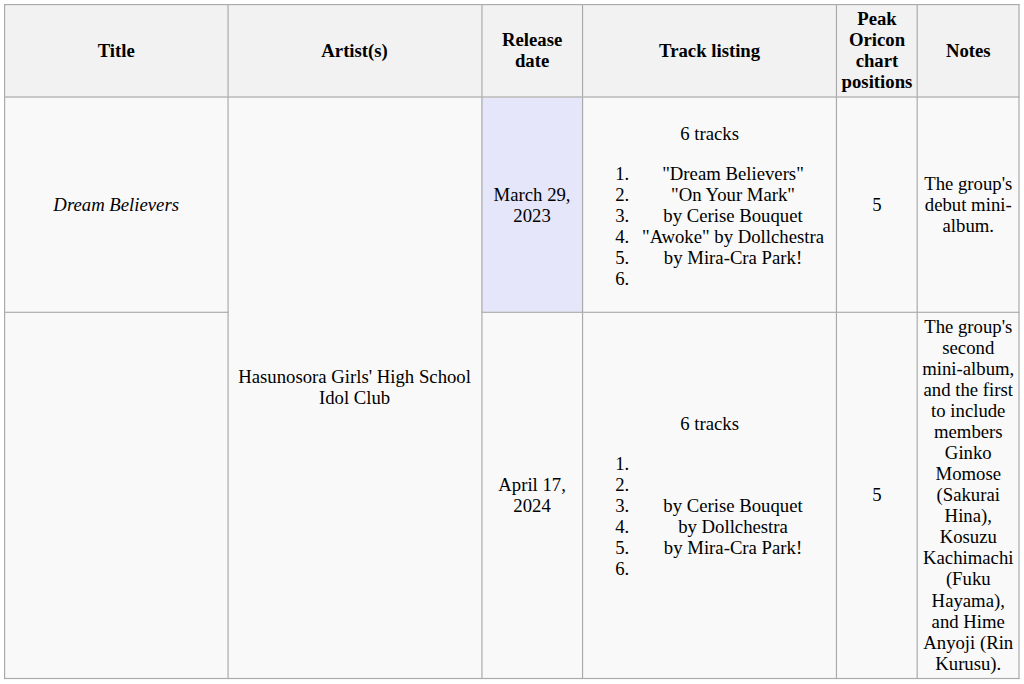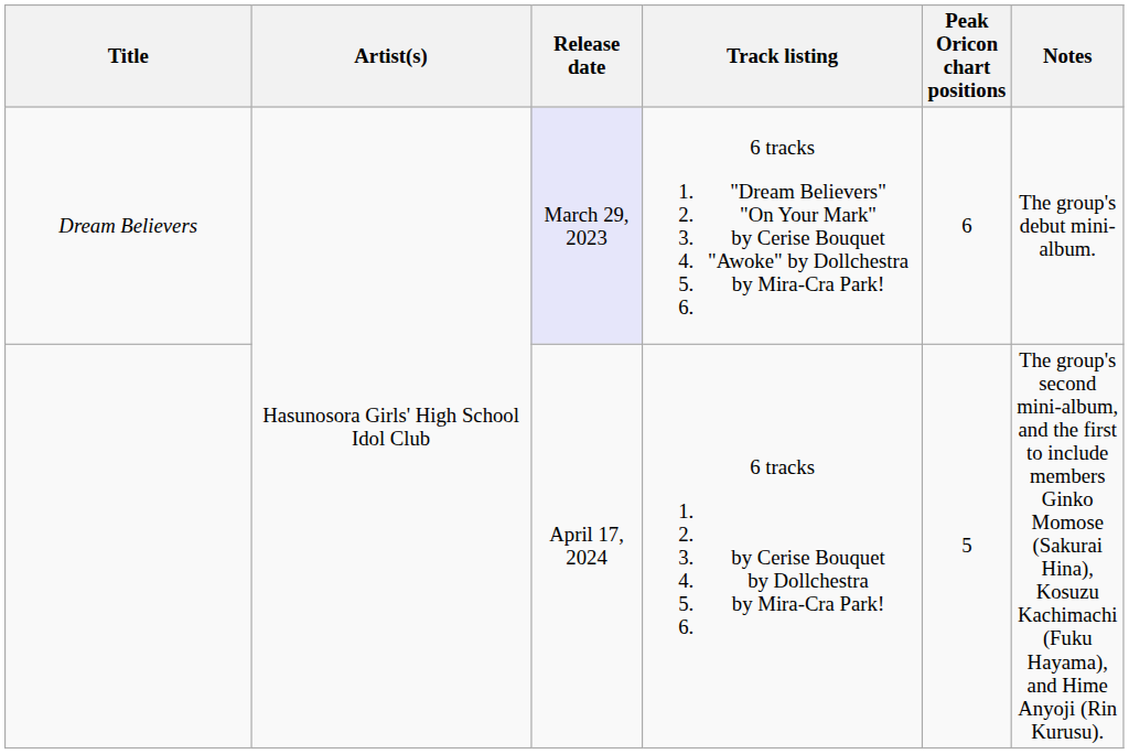 <table class="wikitable" style="text-align:center;">
 <tr>
 <th scope="col" rowspan="1">Title</th>
 <th scope="col" rowspan="1" width="25%">Artist(s)</th>
 <th scope="col" colspan="1" width="10%">Release date</th>
 <th scope="col" colspan="1" width="25%">Track listing</th>
 <th scope="col" rowspan="1" width="8%">Peak Oricon<br>chart positions<br></th>
 <th scope="col" rowspan="1" width="10%">Notes</th>
 </tr>
 <tr>
 <td><em>Dream Believers</em></td>
 <td rowspan="2">Hasunosora Girls' High School Idol Club</td>
 <td style="background: lavender;">March 29, 2023</td>
 <td style="width:17em"><br>6 tracks<ol><li>"Dream Believers"</li><li>"On Your Mark"</li><li> by Cerise Bouquet</li><li>"Awoke" by Dollchestra</li><li> by Mira-Cra Park!</li><li></li></ol></td>
-<td>5</td>
+<td>6</td>
 <td>The group's debut mini-album.</td>
 </tr>
 <tr>
 <td></td>
 <td>April 17, 2024</td>
 <td style="width:17em"><br>6 tracks<ol><li></li><li></li><li> by Cerise Bouquet</li><li> by Dollchestra</li><li> by Mira-Cra Park!</li><li></li></ol></td>
 <td>5</td>
 <td>The group's second mini-album, and the first to include members Ginko Momose (Sakurai Hina), Kosuzu Kachimachi (Fuku Hayama), and Hime Anyoji (Rin Kurusu).</td>
 </tr>
 </table>
